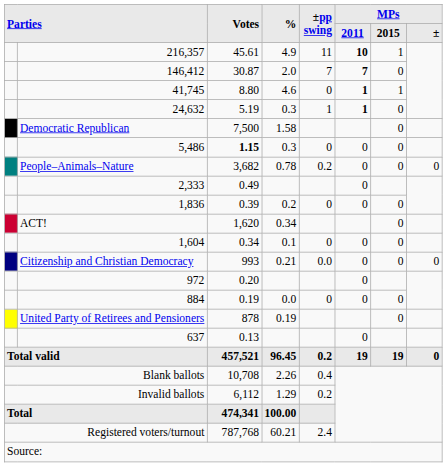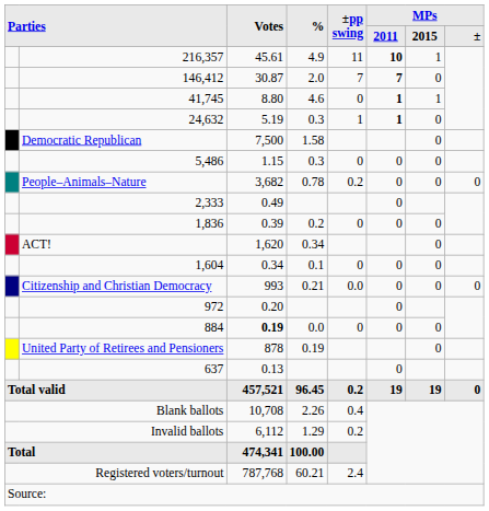 <table class="wikitable" style="text-align:right; font-size:95%;">
 <tr>
 <th rowspan="2" colspan="2" style="background:#e9e9e9; text-align:left;" alignleft><a href='#'>Parties</a></th>
 <th rowspan="2" style="background:#e9e9e9; text-align:right;">Votes</th>
 <th rowspan="2" style="background:#e9e9e9; text-align:right;">%</th>
 <th rowspan="2" style="background:#e9e9e9; text-align:right;">±<a href='#'>pp</a> <a href='#'>swing</a></th>
 <th colspan="3" style="background:#e9e9e9; text-align:center;"><a href='#'>MPs</a></th>
 </tr>
 <tr style="background-color:#E9E9E9">
 <th style="background-color:#E9E9E9;text-align:center;"><a href='#'>2011</a></th>
 <th style="background-color:#E9E9E9;text-align:center;">2015</th>
 <th style="background:#e9e9e9; text-align:right;">±</th>
 </tr>
 <tr>
 <td> </td>
 <td>216,357</td>
 <td>45.61</td>
 <td>4.9</td>
 <td>11</td>
 <td><strong>10</strong></td>
 <td>1</td>
 </tr>
 <tr>
 <td></td>
 <td>146,412</td>
 <td>30.87</td>
 <td>2.0</td>
 <td>7</td>
 <td><strong>7</strong></td>
 <td>0</td>
 </tr>
 <tr>
 <td></td>
 <td>41,745</td>
 <td>8.80</td>
 <td>4.6</td>
 <td>0</td>
 <td><strong>1</strong></td>
 <td>1</td>
 </tr>
 <tr>
 <td></td>
 <td>24,632</td>
 <td>5.19</td>
 <td>0.3</td>
 <td>1</td>
 <td><strong>1</strong></td>
 <td>0</td>
 </tr>
 <tr>
 <td style="width: 10px" bgcolor=black align="center"></td>
 <td align=left><a href='#'>Democratic Republican</a></td>
 <td>7,500</td>
 <td>1.58</td>
 <td></td>
 <td></td>
 <td>0</td>
 <td></td>
 </tr>
 <tr>
 <td></td>
 <td>5,486</td>
-<td><strong>1.15</strong></td>
+<td>1.15</td>
 <td>0.3</td>
 <td>0</td>
 <td>0</td>
 <td>0</td>
 </tr>
 <tr>
 <td style="width: 10px" bgcolor="teal" align="center"></td>
 <td align="left"><a href='#'>People–Animals–Nature</a></td>
 <td>3,682</td>
 <td>0.78</td>
 <td>0.2</td>
 <td>0</td>
 <td>0</td>
 <td>0</td>
 </tr>
 <tr>
 <td></td>
 <td>2,333</td>
 <td>0.49</td>
 <td></td>
 <td></td>
 <td>0</td>
 <td></td>
 </tr>
 <tr>
 <td></td>
 <td>1,836</td>
 <td>0.39</td>
 <td>0.2</td>
 <td>0</td>
 <td>0</td>
 <td>0</td>
 </tr>
 <tr>
 <td style="width:10px; background:#CC0033; text-align:center;"></td>
 <td style="text-align:left;">ACT! </td>
 <td>1,620</td>
 <td>0.34</td>
 <td></td>
 <td></td>
 <td>0</td>
 <td></td>
 </tr>
 <tr>
 <td></td>
 <td>1,604</td>
 <td>0.34</td>
 <td>0.1</td>
 <td>0</td>
 <td>0</td>
 <td>0</td>
 </tr>
 <tr>
 <td style="width: 10px" bgcolor=#000080 align="center"></td>
 <td align=left><a href='#'>Citizenship and Christian Democracy</a></td>
 <td>993</td>
 <td>0.21</td>
 <td>0.0</td>
 <td>0</td>
 <td>0</td>
 <td>0</td>
 </tr>
 <tr>
 <td></td>
 <td>972</td>
 <td>0.20</td>
 <td></td>
 <td></td>
 <td>0</td>
 <td></td>
 </tr>
 <tr>
 <td></td>
 <td>884</td>
-<td>0.19</td>
+<td><strong>0.19</strong></td>
 <td>0.0</td>
 <td>0</td>
 <td>0</td>
 <td>0</td>
 </tr>
 <tr>
 <td style="width: 10px" bgcolor=yellow align="center"></td>
 <td align=left><a href='#'>United Party of Retirees and Pensioners</a></td>
 <td>878</td>
 <td>0.19</td>
 <td></td>
 <td></td>
 <td>0</td>
 <td></td>
 </tr>
 <tr>
 <td></td>
 <td>637</td>
 <td>0.13</td>
 <td></td>
 <td></td>
 <td>0</td>
 <td></td>
 </tr>
 <tr>
 <td colspan=2 align=left style="background-color:#E9E9E9"><strong>Total valid</strong></td>
 <td width="65" align="right" style="background-color:#E9E9E9"><strong>457,521</strong></td>
 <td width="40" align="right" style="background-color:#E9E9E9"><strong>96.45</strong></td>
 <td width="40" align="right" style="background-color:#E9E9E9"><strong>0.2</strong></td>
 <td width="40" align="right" style="background-color:#E9E9E9"><strong>19</strong></td>
 <td width="40" align="right" style="background-color:#E9E9E9"><strong>19</strong></td>
 <td width="40" align="right" style="background-color:#E9E9E9"><strong>0</strong></td>
 </tr>
 <tr>
 <td colspan=2>Blank ballots</td>
 <td>10,708</td>
 <td>2.26</td>
 <td>0.4</td>
 <td colspan=4 rowspan=4></td>
 </tr>
 <tr>
 <td colspan=2>Invalid ballots</td>
 <td>6,112</td>
 <td>1.29</td>
 <td>0.2</td>
 </tr>
 <tr>
 <td colspan=2 width="259" align=left style="background-color:#E9E9E9"><strong>Total</strong></td>
 <td width="50" align="right" style="background-color:#E9E9E9"><strong>474,341</strong></td>
 <td width="40" align="right" style="background-color:#E9E9E9"><strong>100.00</strong></td>
 <td width="40" align="right" style="background-color:#E9E9E9"></td>
 </tr>
 <tr>
 <td colspan=2>Registered voters/turnout</td>
 <td>787,768</td>
 <td>60.21</td>
 <td>2.4</td>
 </tr>
 <tr>
 <td colspan=11 align=left>Source: </td>
 </tr>
 </table>
